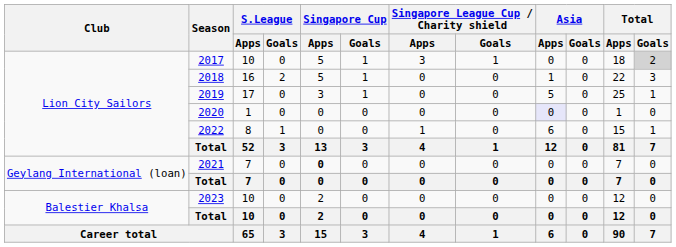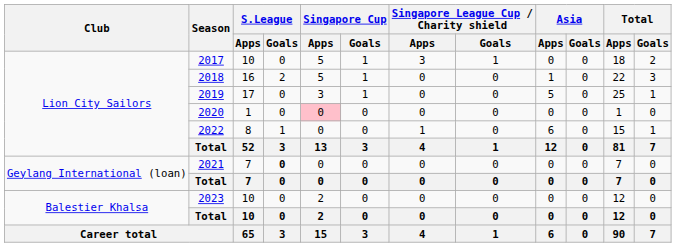 <table style="text-align:center" class="wikitable">
 <tr>
 <th rowspan="2">Club</th>
 <th rowspan="2">Season</th>
 <th colspan="2"><a href='#'>S.League</a></th>
 <th colspan="2"><a href='#'>Singapore Cup</a></th>
 <th colspan="2"><a href='#'>Singapore League Cup</a> / <br> Charity shield</th>
 <th colspan="2"><a href='#'>Asia</a></th>
 <th colspan="2">Total</th>
 </tr>
 <tr>
 <th>Apps</th>
 <th>Goals</th>
 <th>Apps</th>
 <th>Goals</th>
 <th>Apps</th>
 <th>Goals</th>
 <th>Apps</th>
 <th>Goals</th>
 <th>Apps</th>
 <th>Goals</th>
 </tr>
 <tr>
 <td rowspan="6"><a href='#'>Lion City Sailors</a></td>
 <td><a href='#'>2017</a></td>
 <td>10</td>
 <td>0</td>
 <td>5</td>
 <td>1</td>
 <td>3</td>
 <td>1</td>
 <td>0</td>
 <td>0</td>
 <td>18</td>
-<td style="background: lightgrey;">2</td>
+<td>2</td>
 </tr>
 <tr>
 <td><a href='#'>2018</a></td>
 <td>16</td>
 <td>2</td>
 <td>5</td>
 <td>1</td>
 <td>0</td>
 <td>0</td>
 <td>1</td>
 <td>0</td>
 <td>22</td>
 <td>3</td>
 </tr>
 <tr>
 <td><a href='#'>2019</a></td>
 <td>17</td>
 <td>0</td>
 <td>3</td>
 <td>1</td>
 <td>0</td>
 <td>0</td>
 <td>5</td>
 <td>0</td>
 <td>25</td>
 <td>1</td>
 </tr>
 <tr>
 <td><a href='#'>2020</a></td>
 <td>1</td>
 <td>0</td>
+<td style="background: pink;">0</td>
 <td>0</td>
 <td>0</td>
 <td>0</td>
 <td>0</td>
-<td style="background: lavender;">0</td>
 <td>0</td>
 <td>1</td>
 <td>0</td>
 </tr>
 <tr>
 <td><a href='#'>2022</a></td>
 <td>8</td>
 <td>1</td>
 <td>0</td>
 <td>0</td>
 <td>1</td>
 <td>0</td>
 <td>6</td>
 <td>0</td>
 <td>15</td>
 <td>1</td>
 </tr>
 <tr>
 <th>Total</th>
 <th>52</th>
 <th>3</th>
 <th>13</th>
 <th>3</th>
 <th>4</th>
 <th>1</th>
 <th>12</th>
 <th>0</th>
 <th>81</th>
 <th>7</th>
 </tr>
 <tr>
 <td rowspan="2"><a href='#'>Geylang International</a> (loan)</td>
 <td><a href='#'>2021</a></td>
 <td>7</td>
+<td><strong>0</strong></td>
 <td>0</td>
-<td><strong>0</strong></td>
 <td>0</td>
 <td>0</td>
 <td>0</td>
 <td>0</td>
 <td>0</td>
 <td>7</td>
 <td>0</td>
 </tr>
 <tr>
 <th>Total</th>
 <th>7</th>
 <th>0</th>
 <th>0</th>
 <th>0</th>
 <th>0</th>
 <th>0</th>
 <th>0</th>
 <th>0</th>
 <th>7</th>
 <th>0</th>
 </tr>
 <tr>
 <td rowspan="2"><a href='#'>Balestier Khalsa</a></td>
 <td><a href='#'>2023</a></td>
 <td>10</td>
 <td>0</td>
 <td>2</td>
 <td>0</td>
 <td>0</td>
 <td>0</td>
 <td>0</td>
 <td>0</td>
 <td>12</td>
 <td>0</td>
 </tr>
 <tr>
 <th>Total</th>
 <th>10</th>
 <th>0</th>
 <th>2</th>
 <th>0</th>
 <th>0</th>
 <th>0</th>
 <th>0</th>
 <th>0</th>
 <th>12</th>
 <th>0</th>
 </tr>
 <tr>
 <th colspan=2>Career total</th>
 <th>65</th>
 <th>3</th>
 <th>15</th>
 <th>3</th>
 <th>4</th>
 <th>1</th>
 <th>6</th>
 <th>0</th>
 <th>90</th>
 <th>7</th>
 </tr>
 </table>
